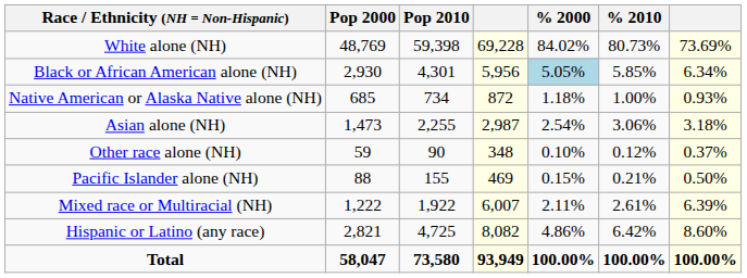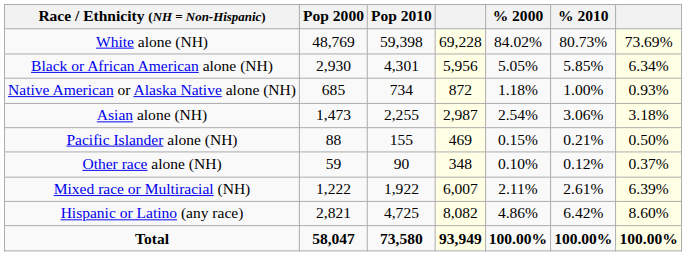 <table class="wikitable" style="text-align:center;">
 <tr>
 <th>Race / Ethnicity <small>(<em>NH = Non-Hispanic</em>)</small></th>
 <th>Pop 2000</th>
 <th>Pop 2010</th>
 <th></th>
 <th>% 2000</th>
 <th>% 2010</th>
 <th></th>
 </tr>
 <tr>
 <td><a href='#'>White</a> alone (NH)</td>
 <td>48,769</td>
 <td>59,398</td>
 <td style='background: #ffffe6;'>69,228</td>
 <td>84.02%</td>
 <td>80.73%</td>
 <td style='background: #ffffe6;'>73.69%</td>
 </tr>
 <tr>
 <td><a href='#'>Black or African American</a> alone (NH)</td>
 <td>2,930</td>
 <td>4,301</td>
 <td style='background: #ffffe6;'>5,956</td>
-<td style="background: lightblue;">5.05%</td>
+<td>5.05%</td>
 <td>5.85%</td>
 <td style='background: #ffffe6;'>6.34%</td>
 </tr>
 <tr>
 <td><a href='#'>Native American</a> or <a href='#'>Alaska Native</a> alone (NH)</td>
 <td>685</td>
 <td>734</td>
 <td style='background: #ffffe6;'>872</td>
 <td>1.18%</td>
 <td>1.00%</td>
 <td style='background: #ffffe6;'>0.93%</td>
 </tr>
 <tr>
 <td><a href='#'>Asian</a> alone (NH)</td>
 <td>1,473</td>
 <td>2,255</td>
 <td style='background: #ffffe6;'>2,987</td>
 <td>2.54%</td>
 <td>3.06%</td>
 <td style='background: #ffffe6;'>3.18%</td>
 </tr>
 <tr>
+<td><a href='#'>Pacific Islander</a> alone (NH)</td>
+<td>88</td>
+<td>155</td>
+<td style='background: #ffffe6;'>469</td>
+<td>0.15%</td>
+<td>0.21%</td>
+<td style='background: #ffffe6;'>0.50%</td>
+</tr>
+<tr>
 <td><a href='#'>Other race</a> alone (NH)</td>
 <td>59</td>
 <td>90</td>
 <td style='background: #ffffe6;'>348</td>
 <td>0.10%</td>
 <td>0.12%</td>
 <td style='background: #ffffe6;'>0.37%</td>
-</tr>
-<tr>
-<td><a href='#'>Pacific Islander</a> alone (NH)</td>
-<td>88</td>
-<td>155</td>
-<td style='background: #ffffe6;'>469</td>
-<td>0.15%</td>
-<td>0.21%</td>
-<td style='background: #ffffe6;'>0.50%</td>
 </tr>
 <tr>
 <td><a href='#'>Mixed race or Multiracial</a> (NH)</td>
 <td>1,222</td>
 <td>1,922</td>
 <td style='background: #ffffe6;'>6,007</td>
 <td>2.11%</td>
 <td>2.61%</td>
 <td style='background: #ffffe6;'>6.39%</td>
 </tr>
 <tr>
 <td><a href='#'>Hispanic or Latino</a> (any race)</td>
 <td>2,821</td>
 <td>4,725</td>
 <td style='background: #ffffe6;'>8,082</td>
 <td>4.86%</td>
 <td>6.42%</td>
 <td style='background: #ffffe6;'>8.60%</td>
 </tr>
 <tr>
 <td><strong>Total</strong></td>
 <td><strong>58,047</strong></td>
 <td><strong>73,580</strong></td>
 <td style='background: #ffffe6;'><strong>93,949</strong></td>
 <td><strong>100.00%</strong></td>
 <td><strong>100.00%</strong></td>
 <td style='background: #ffffe6;'><strong>100.00%</strong></td>
 </tr>
 </table>
